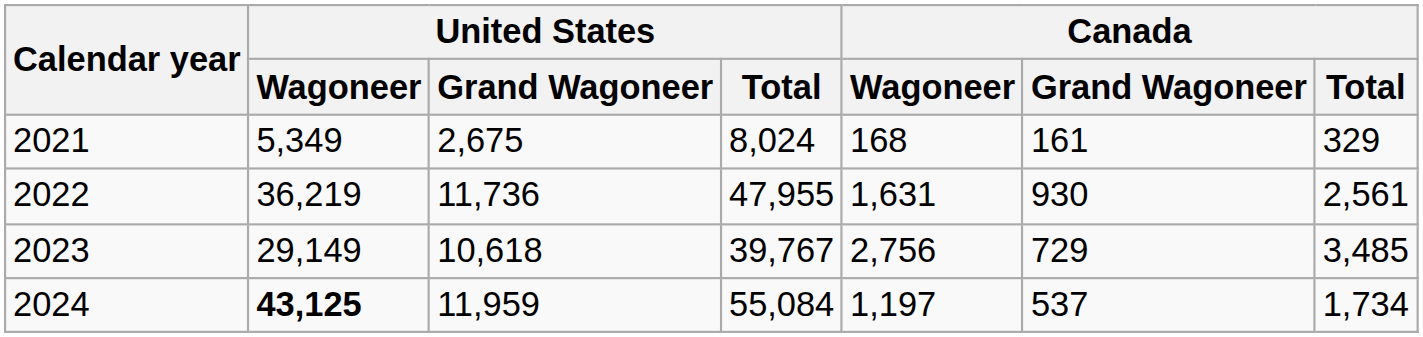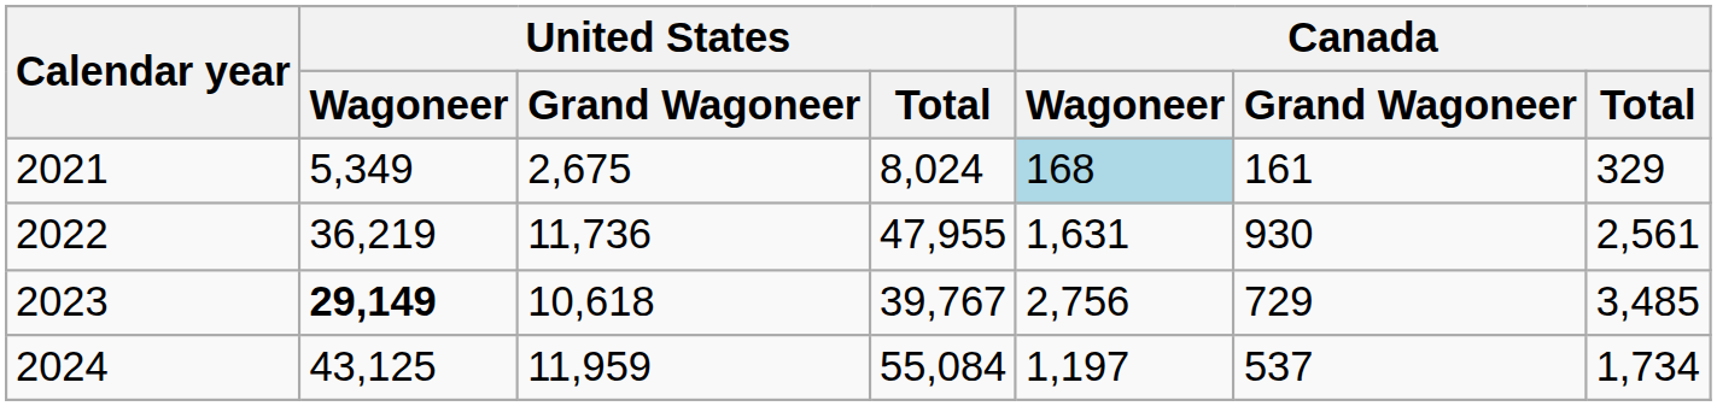 <table class="wikitable">
 <tr>
 <th rowspan=2>Calendar year</th>
 <th colspan=3>United States</th>
 <th colspan=3>Canada</th>
 </tr>
 <tr>
 <th>Wagoneer</th>
 <th>Grand Wagoneer</th>
 <th>Total</th>
 <th>Wagoneer</th>
 <th>Grand Wagoneer</th>
 <th>Total</th>
 </tr>
 <tr>
 <td>2021</td>
 <td>5,349</td>
 <td>2,675</td>
 <td>8,024</td>
-<td>168</td>
+<td style="background: lightblue;">168</td>
 <td>161</td>
 <td>329</td>
 </tr>
 <tr>
 <td>2022</td>
 <td>36,219</td>
 <td>11,736</td>
 <td>47,955</td>
 <td>1,631</td>
 <td>930</td>
 <td>2,561</td>
 </tr>
 <tr>
 <td>2023</td>
-<td>29,149</td>
+<td><strong>29,149</strong></td>
 <td>10,618</td>
 <td>39,767</td>
 <td>2,756</td>
 <td>729</td>
 <td>3,485</td>
 </tr>
 <tr>
 <td>2024</td>
-<td><strong>43,125</strong></td>
+<td>43,125</td>
 <td>11,959</td>
 <td>55,084</td>
 <td>1,197</td>
 <td>537</td>
 <td>1,734</td>
 </tr>
 </table>
